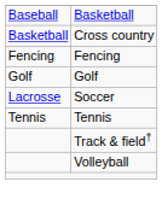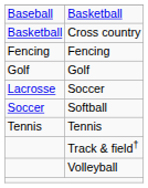 <table class="wikitable" style= " ">
 <tr>
 </tr>
 <tr>
 <td><a href='#'>Baseball</a></td>
 <td><a href='#'>Basketball</a></td>
 </tr>
 <tr>
 <td><a href='#'>Basketball</a></td>
 <td>Cross country</td>
 </tr>
 <tr>
 <td>Fencing</td>
 <td>Fencing</td>
 </tr>
 <tr>
 <td>Golf</td>
 <td>Golf</td>
 </tr>
 <tr>
 <td><a href='#'>Lacrosse</a></td>
 <td>Soccer</td>
 </tr>
 <tr>
+<td><a href='#'>Soccer</a></td>
+<td>Softball</td>
+</tr>
+<tr>
 <td>Tennis</td>
 <td>Tennis</td>
 </tr>
 <tr>
 <td></td>
 <td>Track & field<sup>†</sup></td>
 </tr>
 <tr>
 <td></td>
 <td>Volleyball</td>
 </tr>
 <tr>
 <td colspan="2"></td>
 </tr>
 </table>
